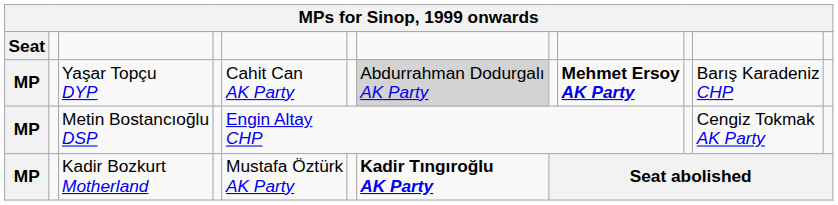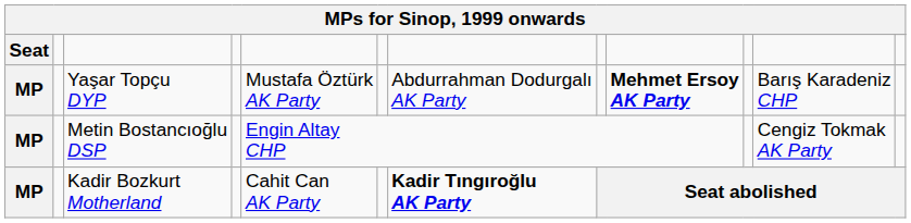 <table class="wikitable">
 <tr>
 <th colspan = 12>MPs for Sinop, 1999 onwards</th>
 </tr>
 <tr>
 <th rowspan = 2>Seat</th>
 <td rowspan="2" style="width:1px;"></td>
 <td rowspan = 2></td>
 <td rowspan="2" style="width:1px;"></td>
 <td rowspan = 2></td>
 <td rowspan="2" style="width:1px;"></td>
 <td rowspan = 2></td>
 <td rowspan="2" style="width:1px;"></td>
 <td rowspan = 2></td>
 <td rowspan="2" style="width:1px;"></td>
 <td rowspan = 2></td>
 </tr>
 <tr>
 <td></td>
 </tr>
 <tr>
 <th>MP</th>
 <td width=1px style="background-color: "></td>
 <td colspan = 1>Yaşar Topçu<br><em><a href='#'>DYP</a></em></td>
 <td width=1px style="background-color: "></td>
-<td colspan = 1>Cahit Can<br><em><a href='#'>AK Party</a></em></td>
+<td colspan = 1>Mustafa Öztürk<br><em><a href='#'>AK Party</a></em></td>
 <td width=1px style="background-color: "></td>
-<td colspan = 1 style="background: lightgrey;">Abdurrahman Dodurgalı<br><em><a href='#'>AK Party</a></em></td>
+<td colspan = 1>Abdurrahman Dodurgalı<br><em><a href='#'>AK Party</a></em></td>
 <td width=1px style="background-color: "></td>
 <td colspan = 1><strong>Mehmet Ersoy<br><em><a href='#'>AK Party</a></em></strong></td>
 <td width=1px style="background-color: "></td>
 <td colspan = 1>Barış Karadeniz<br><em><a href='#'>CHP</a></em></td>
 <td width=1px style="background-color: "></td>
 </tr>
 <tr>
 <th>MP</th>
 <td width=1px style="background-color: "></td>
 <td colspan = 1>Metin Bostancıoğlu<br><em><a href='#'>DSP</a></em></td>
 <td width=1px style="background-color: "></td>
 <td colspan = 5><a href='#'>Engin Altay</a><br><em><a href='#'>CHP</a></em></td>
 <td width=1px style="background-color: "></td>
 <td colspan = 1>Cengiz Tokmak<br><em><a href='#'>AK Party</a></em></td>
 <td width=1px style="background-color: "></td>
 </tr>
 <tr>
 <th>MP</th>
 <td width=1px style="background-color: "></td>
 <td colspan = 1>Kadir Bozkurt<br><em><a href='#'>Motherland</a></em></td>
 <td width=1px style="background-color: "></td>
-<td colspan = 1>Mustafa Öztürk<br><em><a href='#'>AK Party</a></em></td>
+<td colspan = 1>Cahit Can<br><em><a href='#'>AK Party</a></em></td>
 <td width=1px style="background-color: "></td>
 <td colspan = 1><strong>Kadir Tıngıroğlu<br><em><a href='#'>AK Party</a></em></strong></td>
 <th colspan = 5>Seat abolished</th>
 </tr>
 </table>
